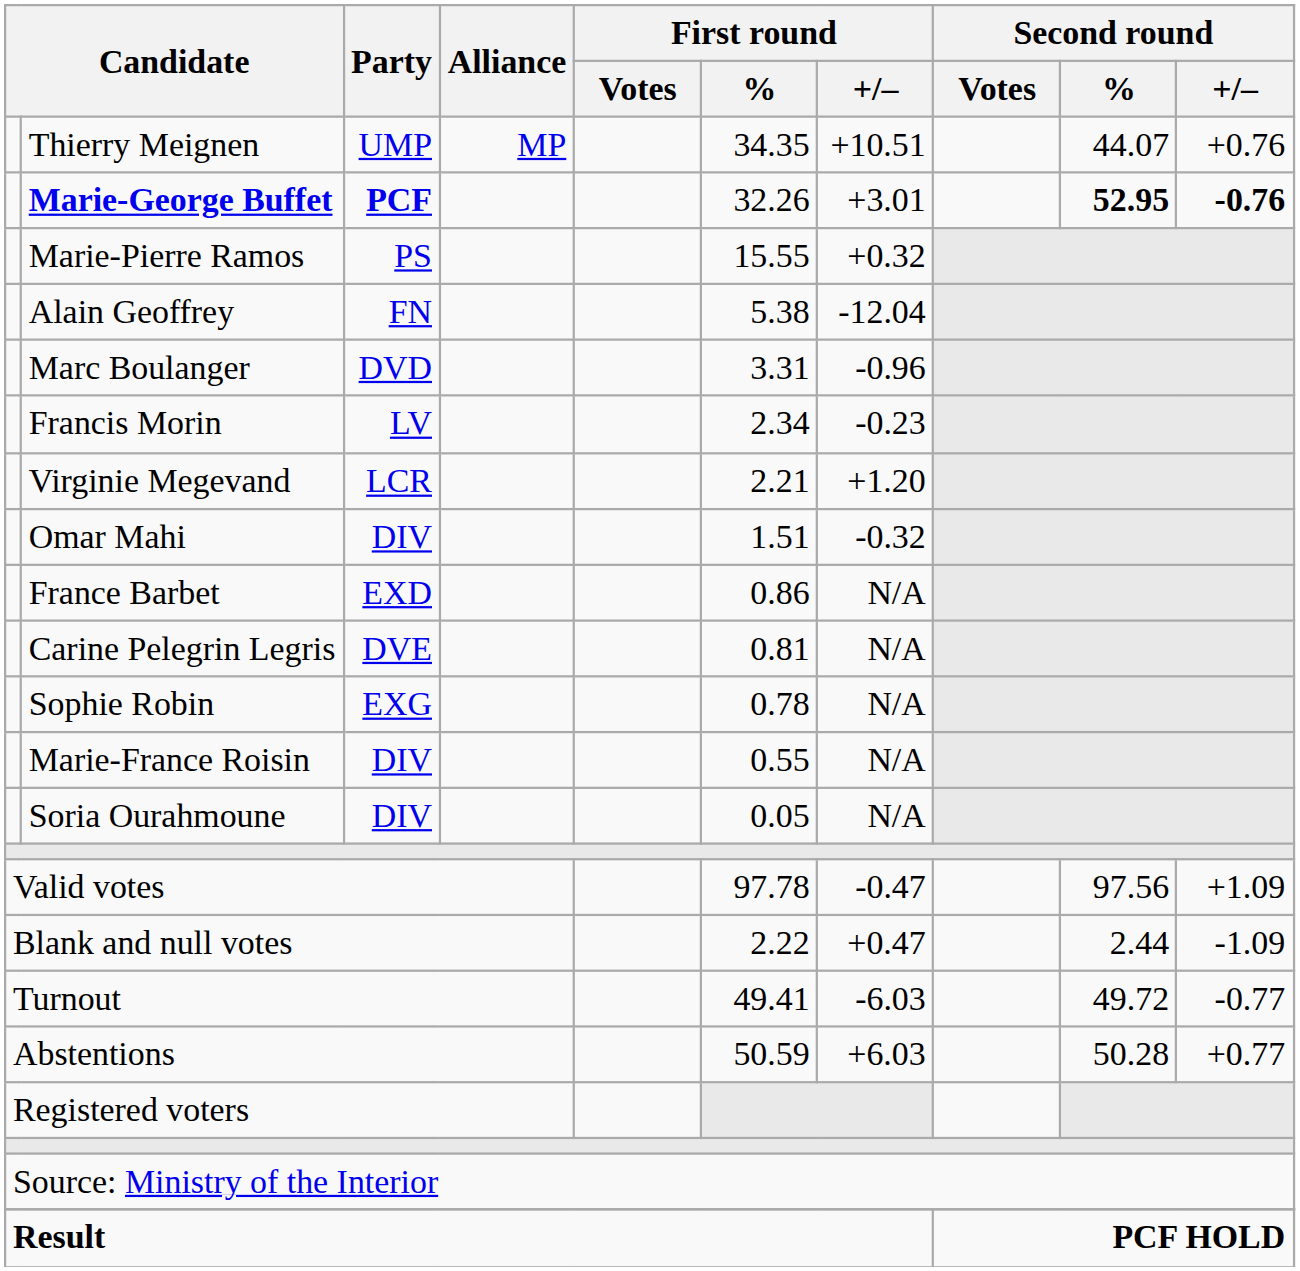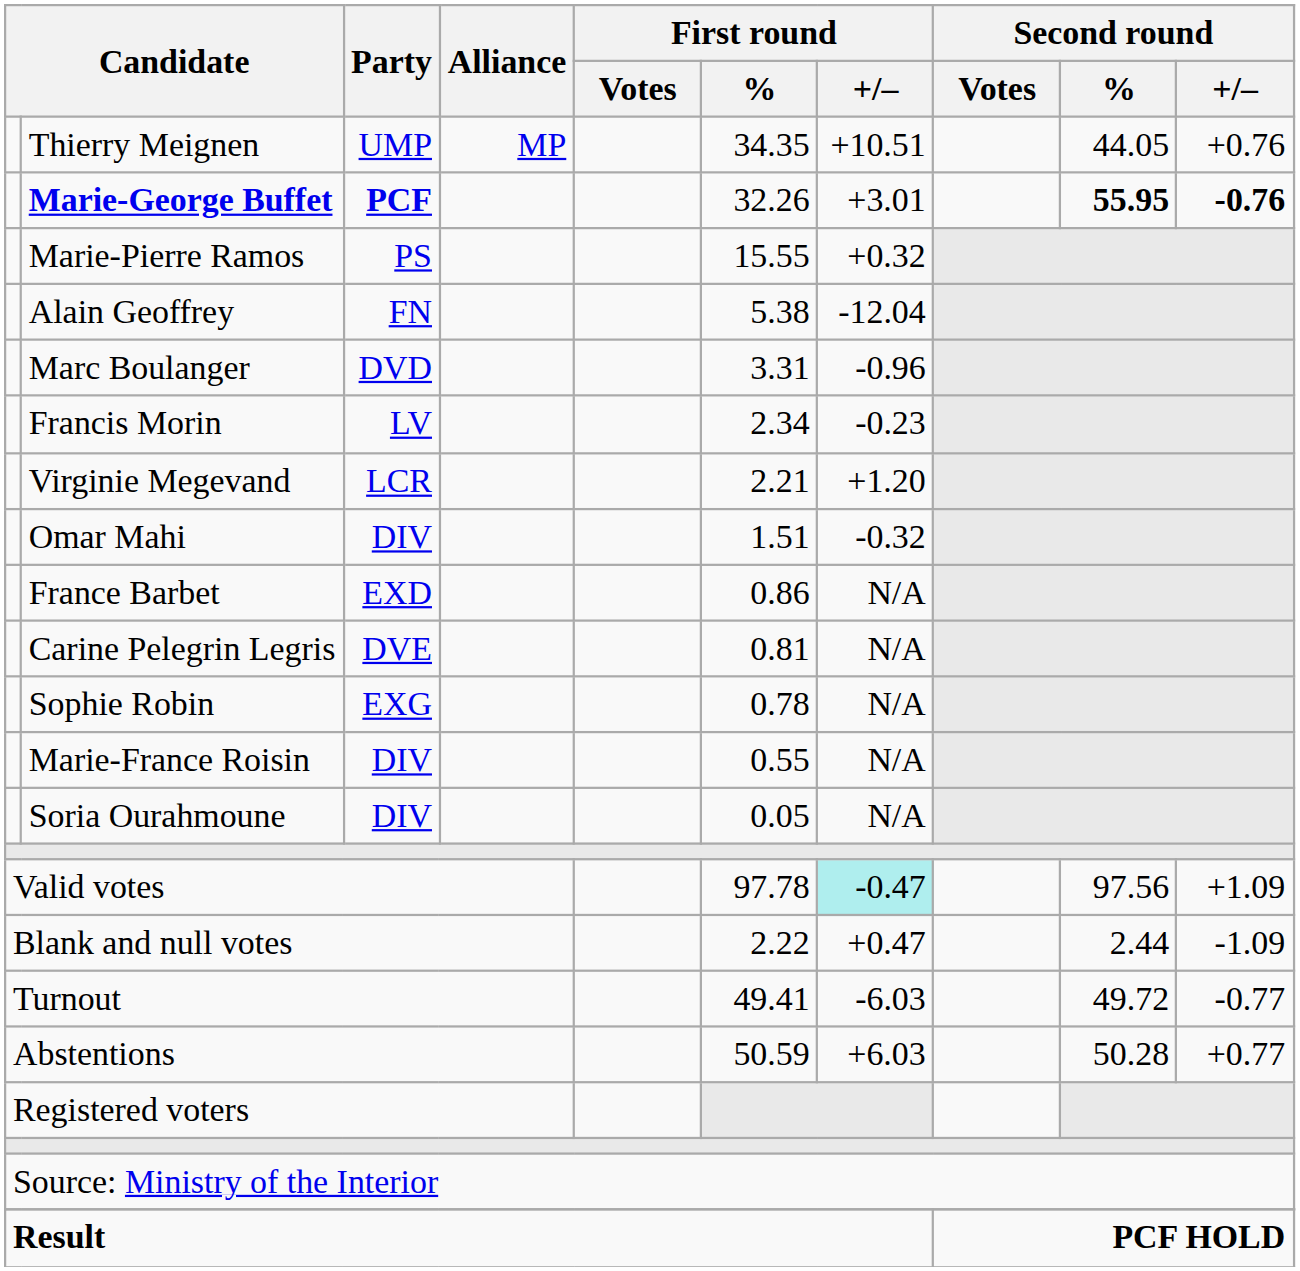 <table class="wikitable" style="text-align:right;font-size:95%;">
 <tr>
 <th rowspan="2" colspan="2">Candidate</th>
 <th rowspan="2">Party</th>
 <th rowspan="2">Alliance</th>
 <th colspan="3">First round</th>
 <th colspan="3">Second round</th>
 </tr>
 <tr>
 <th style="width:50px;">Votes</th>
 <th style="width:45px;">%</th>
 <th style="width:45px;">+/–</th>
 <th style="width:50px;">Votes</th>
 <th style="width:45px;">%</th>
 <th style="width:45px;">+/–</th>
 </tr>
 <tr>
 <td style="color:inherit;background:"></td>
 <td style="text-align:left;">Thierry Meignen</td>
 <td><a href='#'>UMP</a></td>
 <td><a href='#'>MP</a></td>
 <td></td>
 <td>34.35</td>
 <td>+10.51</td>
 <td></td>
-<td>44.07</td>
+<td>44.05</td>
 <td>+0.76</td>
 </tr>
 <tr>
 <td style="color:inherit;background:"></td>
 <td style="text-align:left;"><strong><a href='#'>Marie-George Buffet</a></strong></td>
 <td><a href='#'><strong>PCF</strong></a></td>
 <td></td>
 <td></td>
 <td>32.26</td>
 <td>+3.01</td>
 <td><strong></strong></td>
-<td><strong>52.95</strong></td>
+<td><strong>55.95</strong></td>
 <td><strong>-0.76</strong></td>
 </tr>
 <tr>
 <td style="color:inherit;background:"></td>
 <td style="text-align:left;">Marie-Pierre Ramos</td>
 <td><a href='#'>PS</a></td>
 <td></td>
 <td></td>
 <td>15.55</td>
 <td>+0.32</td>
 <td colspan="3" style="background:#E9E9E9;"></td>
 </tr>
 <tr>
 <td style="color:inherit;background:"></td>
 <td style="text-align:left;">Alain Geoffrey</td>
 <td><a href='#'>FN</a></td>
 <td></td>
 <td></td>
 <td>5.38</td>
 <td>-12.04</td>
 <td colspan="3" style="background:#E9E9E9;"></td>
 </tr>
 <tr>
 <td style="color:inherit;background:"></td>
 <td style="text-align:left;">Marc Boulanger</td>
 <td><a href='#'>DVD</a></td>
 <td></td>
 <td></td>
 <td>3.31</td>
 <td>-0.96</td>
 <td colspan="3" style="background:#E9E9E9;"></td>
 </tr>
 <tr>
 <td style="color:inherit;background:"></td>
 <td style="text-align:left;">Francis Morin</td>
 <td><a href='#'>LV</a></td>
 <td></td>
 <td></td>
 <td>2.34</td>
 <td>-0.23</td>
 <td colspan="3" style="background:#E9E9E9;"></td>
 </tr>
 <tr>
 <td style="color:inherit;background:"></td>
 <td style="text-align:left;">Virginie Megevand</td>
 <td><a href='#'>LCR</a></td>
 <td></td>
 <td></td>
 <td>2.21</td>
 <td>+1.20</td>
 <td colspan="3" style="background:#E9E9E9;"></td>
 </tr>
 <tr>
 <td style="color:inherit;background:"></td>
 <td style="text-align:left;">Omar Mahi</td>
 <td><a href='#'>DIV</a></td>
 <td></td>
 <td></td>
 <td>1.51</td>
 <td>-0.32</td>
 <td colspan="3" style="background:#E9E9E9;"></td>
 </tr>
 <tr>
 <td style="color:inherit;background:"></td>
 <td style="text-align:left;">France Barbet</td>
 <td><a href='#'>EXD</a></td>
 <td></td>
 <td></td>
 <td>0.86</td>
 <td>N/A</td>
 <td colspan="3" style="background:#E9E9E9;"></td>
 </tr>
 <tr>
 <td style="color:inherit;background:"></td>
 <td style="text-align:left;">Carine Pelegrin Legris</td>
 <td><a href='#'>DVE</a></td>
 <td></td>
 <td></td>
 <td>0.81</td>
 <td>N/A</td>
 <td colspan="3" style="background:#E9E9E9;"></td>
 </tr>
 <tr>
 <td style="color:inherit;background:"></td>
 <td style="text-align:left;">Sophie Robin</td>
 <td><a href='#'>EXG</a></td>
 <td></td>
 <td></td>
 <td>0.78</td>
 <td>N/A</td>
 <td colspan="3" style="background:#E9E9E9;"></td>
 </tr>
 <tr>
 <td style="color:inherit;background:"></td>
 <td style="text-align:left;">Marie-France Roisin</td>
 <td><a href='#'>DIV</a></td>
 <td></td>
 <td></td>
 <td>0.55</td>
 <td>N/A</td>
 <td colspan="3" style="background:#E9E9E9;"></td>
 </tr>
 <tr>
 <td style="color:inherit;background:"></td>
 <td style="text-align:left;">Soria Ourahmoune</td>
 <td><a href='#'>DIV</a></td>
 <td></td>
 <td></td>
 <td>0.05</td>
 <td>N/A</td>
 <td colspan="3" style="background:#E9E9E9;"></td>
 </tr>
 <tr>
 <td colspan="10" style="background:#E9E9E9;"></td>
 </tr>
 <tr>
 <td colspan="4" style="text-align:left;">Valid votes</td>
 <td></td>
 <td>97.78</td>
-<td>-0.47</td>
+<td style="background: paleturquoise;">-0.47</td>
 <td></td>
 <td>97.56</td>
 <td>+1.09</td>
 </tr>
 <tr>
 <td colspan="4" style="text-align:left;">Blank and null votes</td>
 <td></td>
 <td>2.22</td>
 <td>+0.47</td>
 <td></td>
 <td>2.44</td>
 <td>-1.09</td>
 </tr>
 <tr>
 <td colspan="4" style="text-align:left;">Turnout</td>
 <td></td>
 <td>49.41</td>
 <td>-6.03</td>
 <td></td>
 <td>49.72</td>
 <td>-0.77</td>
 </tr>
 <tr>
 <td colspan="4" style="text-align:left;">Abstentions</td>
 <td></td>
 <td>50.59</td>
 <td>+6.03</td>
 <td></td>
 <td>50.28</td>
 <td>+0.77</td>
 </tr>
 <tr>
 <td colspan="4" style="text-align:left;">Registered voters</td>
 <td></td>
 <td colspan="2" style="background:#E9E9E9;"></td>
 <td></td>
 <td colspan="2" style="background:#E9E9E9;"></td>
 </tr>
 <tr>
 <td colspan="10" style="background:#E9E9E9;"></td>
 </tr>
 <tr>
 <td colspan="10" style="text-align:left;">Source: <a href='#'>Ministry of the Interior</a></td>
 </tr>
 <tr>
 </tr>
 <tr style="font-weight:bold">
 <td colspan="7" style="text-align:left;">Result</td>
 <td colspan="7" style="background-color:">PCF HOLD</td>
 </tr>
 </table>
